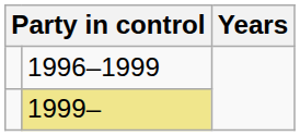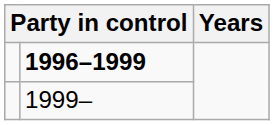 <table class="wikitable">
 <tr>
 <th colspan="2">Party in control</th>
 <th>Years</th>
 </tr>
 <tr>
 <td></td>
-<td>1996–1999</td>
+<td><strong>1996–1999</strong></td>
 </tr>
 <tr>
 <td></td>
-<td style="background: khaki;">1999–</td>
+<td>1999–</td>
 </tr>
 </table>
